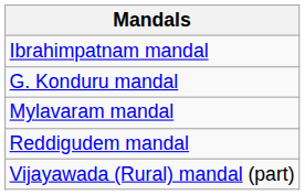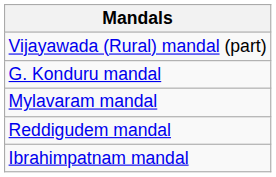 <table class="wikitable sortable static-row-numbers static-row-header-hash">
 <tr>
 <th>Mandals</th>
 </tr>
 <tr>
-<td><a href='#'>Ibrahimpatnam mandal</a></td>
+<td><a href='#'>Vijayawada (Rural) mandal</a> (part)</td>
 </tr>
 <tr>
 <td><a href='#'>G. Konduru mandal</a></td>
 </tr>
 <tr>
 <td><a href='#'>Mylavaram mandal</a></td>
 </tr>
 <tr>
 <td><a href='#'>Reddigudem mandal</a></td>
 </tr>
 <tr>
-<td><a href='#'>Vijayawada (Rural) mandal</a> (part)</td>
+<td><a href='#'>Ibrahimpatnam mandal</a></td>
 </tr>
 </table>
